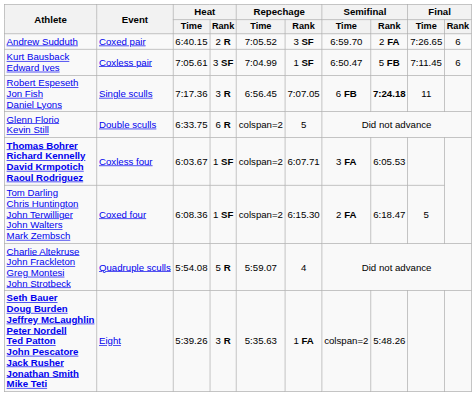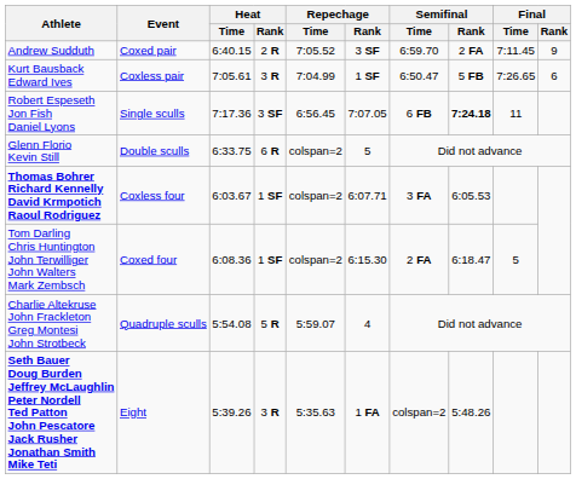 <table class=wikitable style=font-size:90%;text-align:center>
 <tr>
 <th rowspan=2>Athlete</th>
 <th rowspan=2>Event</th>
 <th colspan=2>Heat</th>
 <th colspan=2>Repechage</th>
 <th colspan=2>Semifinal</th>
 <th colspan=2>Final</th>
 </tr>
 <tr style=font-size:95%>
 <th>Time</th>
 <th>Rank</th>
 <th>Time</th>
 <th>Rank</th>
 <th>Time</th>
 <th>Rank</th>
 <th>Time</th>
 <th>Rank</th>
 </tr>
 <tr>
 <td align=left><a href='#'>Andrew Sudduth</a></td>
 <td align=left><a href='#'>Coxed pair</a></td>
 <td>6:40.15</td>
 <td>2 <strong>R</strong></td>
 <td>7:05.52</td>
 <td>3 <strong>SF</strong></td>
 <td>6:59.70</td>
 <td>2 <strong>FA</strong></td>
-<td>7:26.65</td>
-<td>6</td>
+<td>7:11.45</td>
+<td>9</td>
 </tr>
 <tr>
 <td align=left><a href='#'>Kurt Bausback</a><br><a href='#'>Edward Ives</a></td>
 <td align=left><a href='#'>Coxless pair</a></td>
 <td>7:05.61</td>
-<td>3 <strong>SF</strong></td>
+<td>3 <strong>R</strong></td>
 <td>7:04.99</td>
 <td>1 <strong>SF</strong></td>
 <td>6:50.47</td>
 <td>5 <strong>FB</strong></td>
-<td>7:11.45</td>
+<td>7:26.65</td>
 <td>6</td>
 </tr>
 <tr>
 <td align=left><a href='#'>Robert Espeseth</a><br><a href='#'>Jon Fish</a><br><a href='#'>Daniel Lyons</a></td>
 <td align=left><a href='#'>Single sculls</a></td>
 <td>7:17.36</td>
-<td>3 <strong>R</strong></td>
+<td>3 <strong>SF</strong></td>
 <td>6:56.45</td>
 <td>7:07.05</td>
 <td>6 <strong>FB</strong></td>
 <td><strong>7:24.18</strong></td>
 <td>11</td>
 </tr>
 <tr>
 <td align=left><a href='#'>Glenn Florio</a><br><a href='#'>Kevin Still</a></td>
 <td align=left><a href='#'>Double sculls</a></td>
 <td>6:33.75</td>
 <td>6 <strong>R</strong></td>
 <td>colspan=2 </td>
 <td>5</td>
 <td colspan=4>Did not advance</td>
 </tr>
 <tr>
 <td align=left><strong><a href='#'>Thomas Bohrer</a><br><a href='#'>Richard Kennelly</a><br><a href='#'>David Krmpotich</a><br><a href='#'>Raoul Rodriguez</a></strong></td>
 <td align=left><a href='#'>Coxless four</a></td>
 <td>6:03.67</td>
 <td>1 <strong>SF</strong></td>
 <td>colspan=2 </td>
 <td>6:07.71</td>
 <td>3 <strong>FA</strong></td>
 <td>6:05.53</td>
 <td></td>
 </tr>
 <tr>
 <td align=left><a href='#'>Tom Darling</a><br><a href='#'>Chris Huntington</a><br><a href='#'>John Terwilliger</a><br><a href='#'>John Walters</a><br><a href='#'>Mark Zembsch</a></td>
 <td align=left><a href='#'>Coxed four</a></td>
 <td>6:08.36</td>
 <td>1 <strong>SF</strong></td>
 <td>colspan=2 </td>
 <td>6:15.30</td>
 <td>2 <strong>FA</strong></td>
 <td>6:18.47</td>
 <td>5</td>
 </tr>
 <tr>
 <td align=left><a href='#'>Charlie Altekruse</a><br><a href='#'>John Frackleton</a><br><a href='#'>Greg Montesi</a><br><a href='#'>John Strotbeck</a></td>
 <td align=left><a href='#'>Quadruple sculls</a></td>
 <td>5:54.08</td>
 <td>5 <strong>R</strong></td>
 <td>5:59.07</td>
 <td>4</td>
 <td colspan=4>Did not advance</td>
 </tr>
 <tr>
 <td align=left><strong><a href='#'>Seth Bauer</a><br><a href='#'>Doug Burden</a><br><a href='#'>Jeffrey McLaughlin</a><br><a href='#'>Peter Nordell</a><br><a href='#'>Ted Patton</a><br><a href='#'>John Pescatore</a><br><a href='#'>Jack Rusher</a><br><a href='#'>Jonathan Smith</a><br><a href='#'>Mike Teti</a></strong></td>
 <td align=left><a href='#'>Eight</a></td>
 <td>5:39.26</td>
 <td>3 <strong>R</strong></td>
 <td>5:35.63</td>
 <td>1 <strong>FA</strong></td>
 <td>colspan=2 </td>
 <td>5:48.26</td>
 <td></td>
 </tr>
 </table>
